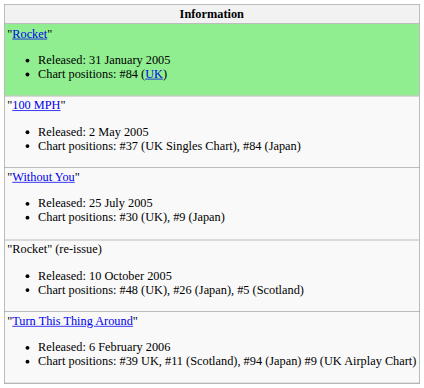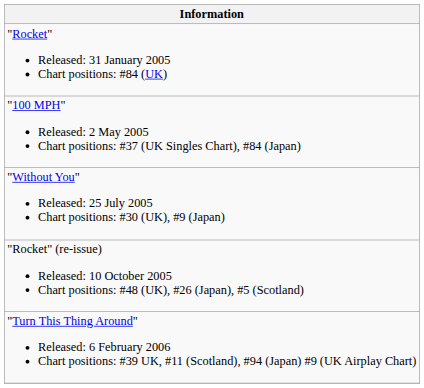 <table class="wikitable">
 <tr>
 <th align="left">Information</th>
 </tr>
 <tr>
-<td align="left" style="background: lightgreen;">"<a href='#'>Rocket</a>"<br><ul><li>Released: 31 January 2005</li><li>Chart positions: #84 (<a href='#'>UK</a>)</li></ul></td>
+<td align="left">"<a href='#'>Rocket</a>"<br><ul><li>Released: 31 January 2005</li><li>Chart positions: #84 (<a href='#'>UK</a>)</li></ul></td>
 </tr>
 <tr>
 <td align="left">"<a href='#'>100 MPH</a>"<br><ul><li>Released: 2 May 2005</li><li>Chart positions: #37 (UK Singles Chart), #84 (Japan)</li></ul></td>
 </tr>
 <tr>
 <td align="left">"<a href='#'>Without You</a>"<br><ul><li>Released: 25 July 2005</li><li>Chart positions: #30 (UK), #9 (Japan)</li></ul></td>
 </tr>
 <tr>
 <td align="left">"Rocket" (re-issue)<br><ul><li>Released: 10 October 2005</li><li>Chart positions: #48 (UK), #26 (Japan), #5 (Scotland)</li></ul></td>
 </tr>
 <tr>
 <td align="left">"<a href='#'>Turn This Thing Around</a>"<br><ul><li>Released: 6 February 2006</li><li>Chart positions: #39 UK, #11 (Scotland), #94 (Japan) #9 (UK Airplay Chart)</li></ul></td>
 </tr>
 <tr>
 </tr>
 </table>
